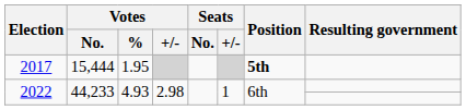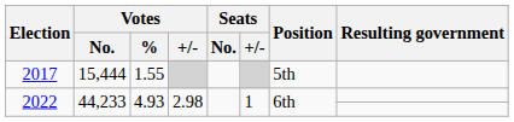 <table class="wikitable">
 <tr>
 <th rowspan="2" style="background-color:">Election</th>
 <th colspan="3" style="background-color:">Votes</th>
 <th colspan="2" style="background-color:">Seats</th>
 <th rowspan="2" style="background-color:">Position</th>
 <th rowspan="2" style="background-color:">Resulting government</th>
 </tr>
 <tr>
 <th style="background-color:">No.</th>
 <th style="background-color:">%</th>
 <th style="background-color:">+/-</th>
 <th style="background-color:">No.</th>
 <th style="background-color:">+/-</th>
 </tr>
 <tr>
 <td style="text-align: center;"><a href='#'>2017</a></td>
 <td>15,444</td>
-<td>1.95</td>
+<td>1.55</td>
 <td bgcolor="lightgray"></td>
 <td></td>
 <td bgcolor="lightgray"></td>
-<td><strong>5th</strong></td>
+<td>5th</td>
 <td></td>
 </tr>
 <tr>
 <td rowspan="2" style="text-align: center;"><a href='#'>2022</a></td>
 <td rowspan="2">44,233</td>
 <td rowspan="2">4.93</td>
 <td rowspan="2"> 2.98</td>
 <td rowspan="2"></td>
 <td rowspan="2"> 1</td>
 <td rowspan="2"> 6th</td>
 <td></td>
 </tr>
 <tr>
 <td></td>
 </tr>
 </table>
